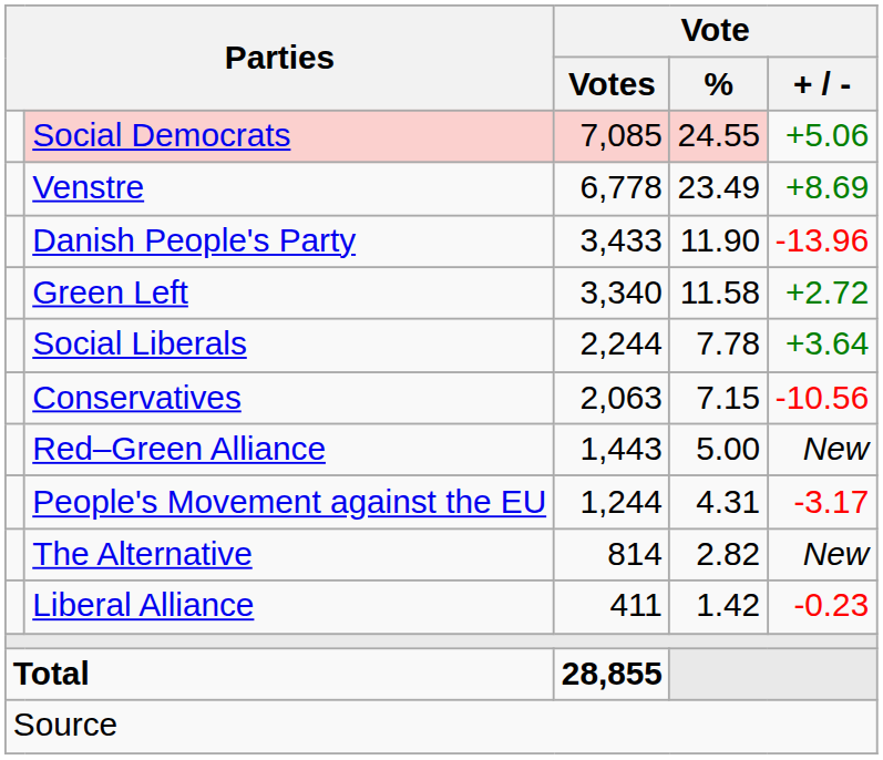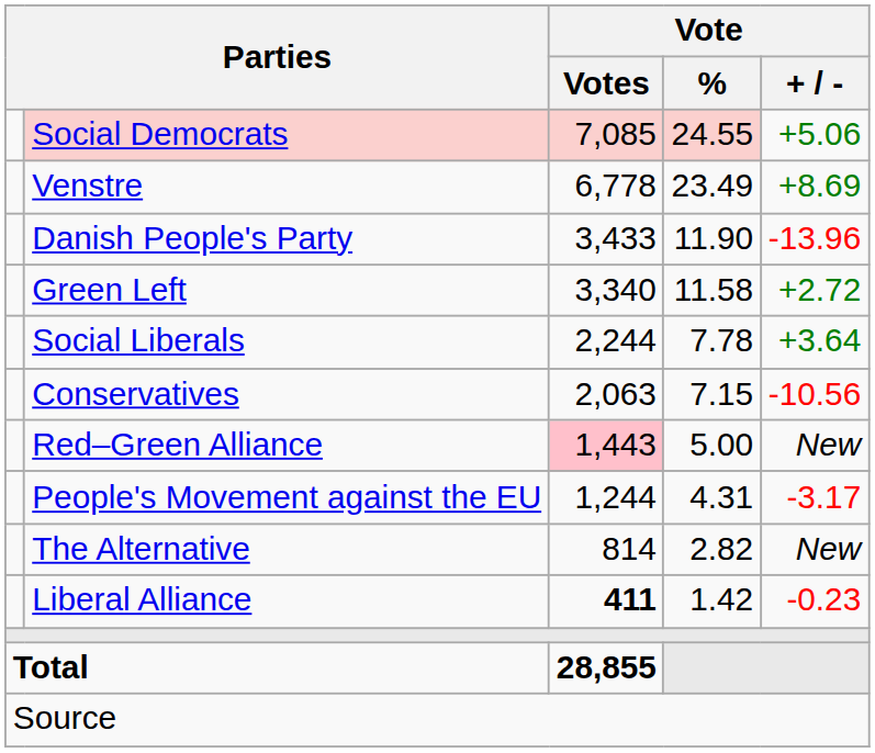 <table class="wikitable" style="text-align:right;">
 <tr>
 <th style="text-align:centre;" rowspan="2" colspan="2" width="225">Parties</th>
 <th colspan="3">Vote</th>
 </tr>
 <tr>
 <th width="15">Votes</th>
 <th width="15">%</th>
 <th width="15">+ / -</th>
 </tr>
 <tr>
 <td width="2" style="color:inherit;background:"></td>
 <td bgcolor=#fbd0ce   align="left"><a href='#'>Social Democrats</a></td>
 <td bgcolor=#fbd0ce>7,085</td>
 <td bgcolor=#fbd0ce>24.55</td>
 <td style=color:green;>+5.06</td>
 </tr>
 <tr>
 <td width="2" style="color:inherit;background:"></td>
 <td align="left"><a href='#'>Venstre</a></td>
 <td>6,778</td>
 <td>23.49</td>
 <td style=color:green;>+8.69</td>
 </tr>
 <tr>
 <td width="2" style="color:inherit;background:"></td>
 <td align="left"><a href='#'>Danish People's Party</a></td>
 <td>3,433</td>
 <td>11.90</td>
 <td style=color:red;>-13.96</td>
 </tr>
 <tr>
 <td width="2" style="color:inherit;background:"></td>
 <td align="left"><a href='#'>Green Left</a></td>
 <td>3,340</td>
 <td>11.58</td>
 <td style=color:green;>+2.72</td>
 </tr>
 <tr>
 <td width="2" style="color:inherit;background:"></td>
 <td align="left"><a href='#'>Social Liberals</a></td>
 <td>2,244</td>
 <td>7.78</td>
 <td style=color:green;>+3.64</td>
 </tr>
 <tr>
 <td width="2" style="color:inherit;background:"></td>
 <td align="left"><a href='#'>Conservatives</a></td>
 <td>2,063</td>
 <td>7.15</td>
 <td style=color:red;>-10.56</td>
 </tr>
 <tr>
 <td width="2" style="color:inherit;background:"></td>
 <td align="left"><a href='#'>Red–Green Alliance</a></td>
-<td>1,443</td>
+<td style="background: pink;">1,443</td>
 <td>5.00</td>
 <td><em>New</em></td>
 </tr>
 <tr>
 <td width="2" style="color:inherit;background:"></td>
 <td align="left"><a href='#'>People's Movement against the EU</a></td>
 <td>1,244</td>
 <td>4.31</td>
 <td style=color:red;>-3.17</td>
 </tr>
 <tr>
 <td width="2" style="color:inherit;background:"></td>
 <td align="left"><a href='#'>The Alternative</a></td>
 <td>814</td>
 <td>2.82</td>
 <td><em>New</em></td>
 </tr>
 <tr>
 <td width="2" style="color:inherit;background:"></td>
 <td align="left"><a href='#'>Liberal Alliance</a></td>
-<td>411</td>
+<td><strong>411</strong></td>
 <td>1.42</td>
 <td style=color:red;>-0.23</td>
 </tr>
 <tr>
 <td colspan="7" bgcolor="#E9E9E9"></td>
 </tr>
 <tr>
 <td align="left" colspan="2"><strong>Total</strong></td>
 <td><strong>28,855</strong></td>
 <td bgcolor="#E9E9E9" colspan="2"></td>
 </tr>
 <tr>
 <td align="left" colspan="6">Source</td>
 </tr>
 </table>
